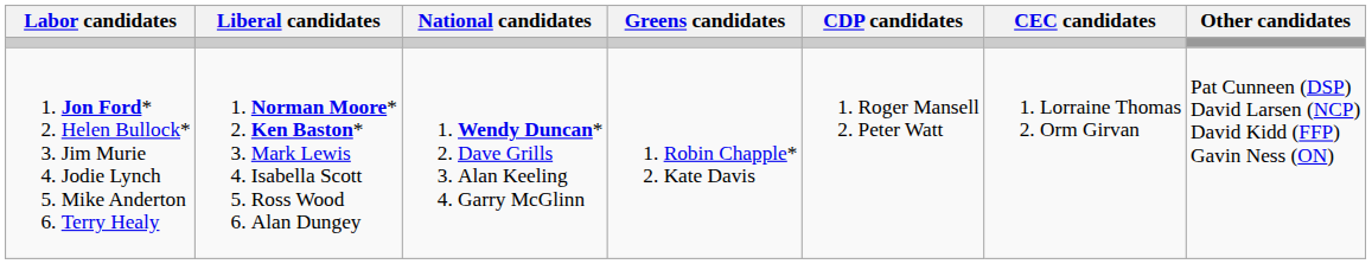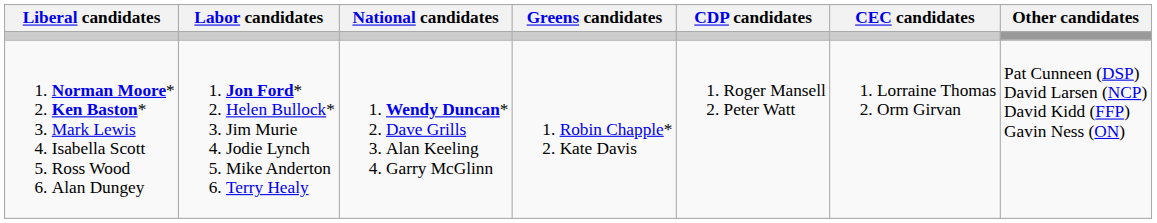 <table class="wikitable">
 <tr>
+<th><a href='#'>Liberal</a> candidates</th>
 <th><a href='#'>Labor</a> candidates</th>
-<th><a href='#'>Liberal</a> candidates</th>
 <th><a href='#'>National</a> candidates</th>
 <th><a href='#'>Greens</a> candidates</th>
 <th><a href='#'>CDP</a> candidates</th>
 <th><a href='#'>CEC</a> candidates</th>
 <th>Other candidates</th>
 </tr>
 <tr bgcolor="#cccccc">
 <td></td>
 <td></td>
 <td></td>
 <td></td>
 <td></td>
 <td></td>
 <td bgcolor="#999999"></td>
 </tr>
 <tr>
+<td><br><ol><li><strong><a href='#'>Norman Moore</a></strong>*</li><li><strong><a href='#'>Ken Baston</a></strong>*</li><li><a href='#'>Mark Lewis</a></li><li>Isabella Scott</li><li>Ross Wood</li><li>Alan Dungey</li></ol></td>
 <td><br><ol><li><strong><a href='#'>Jon Ford</a></strong>*</li><li><a href='#'>Helen Bullock</a>*</li><li>Jim Murie</li><li>Jodie Lynch</li><li>Mike Anderton</li><li><a href='#'>Terry Healy</a></li></ol></td>
-<td><br><ol><li><strong><a href='#'>Norman Moore</a></strong>*</li><li><strong><a href='#'>Ken Baston</a></strong>*</li><li><a href='#'>Mark Lewis</a></li><li>Isabella Scott</li><li>Ross Wood</li><li>Alan Dungey</li></ol></td>
 <td><br><ol><li><strong><a href='#'>Wendy Duncan</a></strong>*</li><li><a href='#'>Dave Grills</a></li><li>Alan Keeling</li><li>Garry McGlinn</li></ol></td>
 <td><br><ol><li><a href='#'>Robin Chapple</a>*</li><li>Kate Davis</li></ol></td>
 <td valign=top><br><ol><li>Roger Mansell</li><li>Peter Watt</li></ol></td>
 <td valign=top><br><ol><li>Lorraine Thomas</li><li>Orm Girvan</li></ol></td>
 <td valign=top><br>Pat Cunneen (<a href='#'>DSP</a>) <br> David Larsen (<a href='#'>NCP</a>) <br> David Kidd (<a href='#'>FFP</a>) <br> Gavin Ness (<a href='#'>ON</a>)</td>
 </tr>
 </table>
